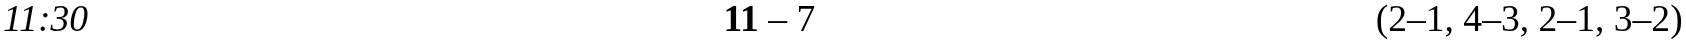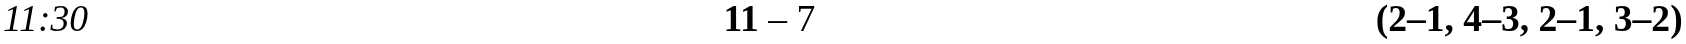 <table style="text-align:center">
 <tr>
 <th width=100></th>
 <th width=200></th>
 <th width=100></th>
 <th width=200></th>
 </tr>
 <tr>
 <td><em>11:30</em></td>
 <td align=right><strong></strong></td>
 <td><strong>11</strong> – 7</td>
 <td align=left></td>
-<td>(2–1, 4–3, 2–1, 3–2)</td>
+<td><strong>(2–1, 4–3, 2–1, 3–2)</strong></td>
 </tr>
 </table>
